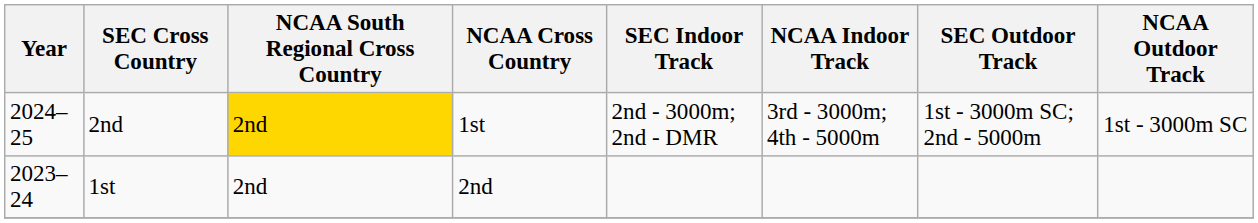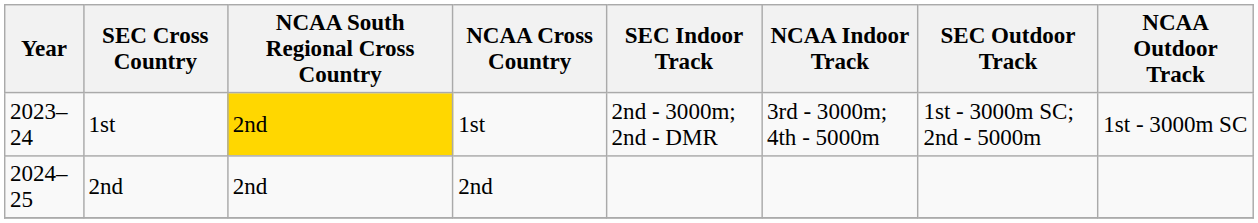 <table class="wikitable sortable">
 <tr>
 <th>Year</th>
 <th>SEC Cross Country</th>
 <th>NCAA South Regional Cross Country</th>
 <th>NCAA Cross Country</th>
 <th>SEC Indoor Track</th>
 <th>NCAA Indoor Track</th>
 <th>SEC Outdoor Track</th>
 <th>NCAA Outdoor Track</th>
 </tr>
 <tr>
-<td>2024–25</td>
-<td>2nd</td>
+<td>2023–24</td>
+<td>1st</td>
 <td style="background: gold;">2nd</td>
 <td>1st</td>
 <td>2nd - 3000m; 2nd - DMR</td>
 <td>3rd - 3000m; 4th - 5000m</td>
 <td>1st - 3000m SC; 2nd - 5000m</td>
 <td>1st - 3000m SC</td>
 </tr>
 <tr>
-<td>2023–24</td>
-<td>1st</td>
+<td>2024–25</td>
+<td>2nd</td>
 <td>2nd</td>
 <td>2nd</td>
 <td></td>
 <td></td>
 <td></td>
 <td></td>
 </tr>
 <tr>
 </tr>
 </table>
